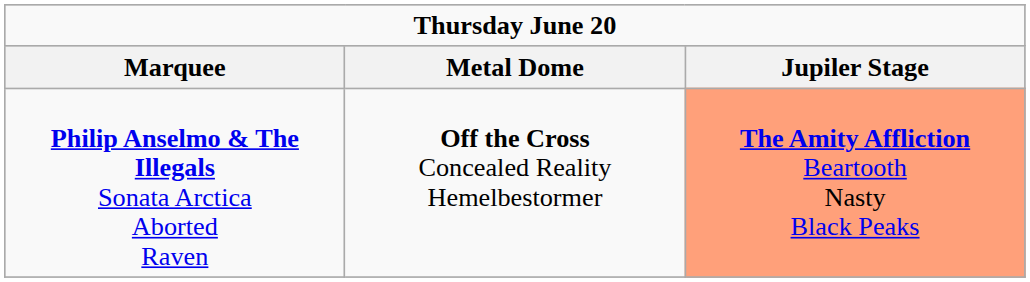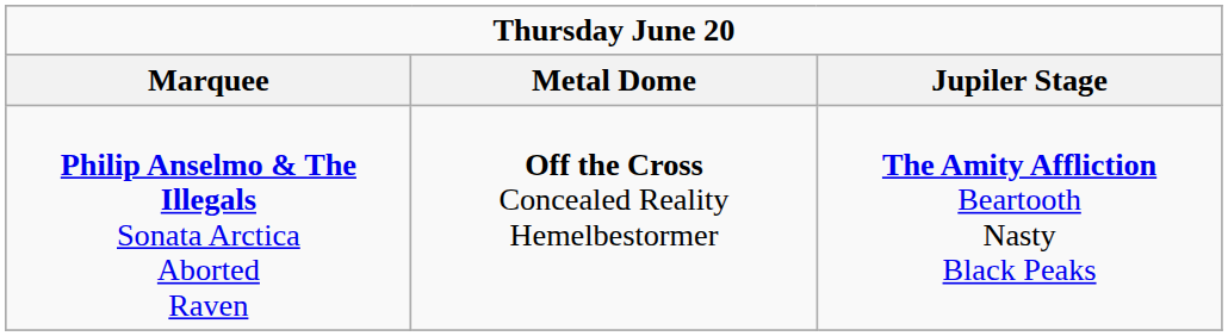 <table class="wikitable">
 <tr>
 <td colspan="3" style="text-align:center;"><strong>Thursday June 20</strong></td>
 </tr>
 <tr>
 <th>Marquee</th>
 <th>Metal Dome</th>
 <th>Jupiler Stage</th>
 </tr>
 <tr>
 <td style="text-align:center; vertical-align:top; width:200px;"><br><strong><a href='#'>Philip Anselmo & The Illegals</a></strong> <br> <a href='#'>Sonata Arctica</a> <br> <a href='#'>Aborted</a> <br> <a href='#'>Raven</a> <br></td>
 <td style="text-align:center; vertical-align:top; width:200px;"><br><strong>Off the Cross</strong> <br> Concealed Reality <br> Hemelbestormer <br></td>
-<td style="background: lightsalmon; text-align:center; vertical-align:top; width:200px;"><br><strong><a href='#'>The Amity Affliction</a></strong> <br> <a href='#'>Beartooth</a> <br> Nasty <br> <a href='#'>Black Peaks</a> <br></td>
+<td style="text-align:center; vertical-align:top; width:200px;"><br><strong><a href='#'>The Amity Affliction</a></strong> <br> <a href='#'>Beartooth</a> <br> Nasty <br> <a href='#'>Black Peaks</a> <br></td>
 </tr>
 </table>
